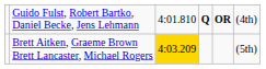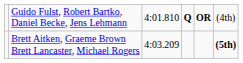 <table class="wikitable" style="text-align:center;">
 <tr>
 <td align=left></td>
 <td align=left><a href='#'>Guido Fulst</a>, <a href='#'>Robert Bartko</a>,<br><a href='#'>Daniel Becke</a>, <a href='#'>Jens Lehmann</a></td>
 <td>4:01.810</td>
 <td><strong>Q</strong></td>
 <td><strong>OR</strong></td>
 <td>(4th)</td>
 </tr>
 <tr>
 <td align=left></td>
 <td align=left><a href='#'>Brett Aitken</a>, <a href='#'>Graeme Brown</a><br><a href='#'>Brett Lancaster</a>, <a href='#'>Michael Rogers</a></td>
-<td style="background: gold;">4:03.209</td>
+<td>4:03.209</td>
 <td></td>
 <td></td>
-<td>(5th)</td>
+<td><strong>(5th)</strong></td>
 </tr>
 </table>
